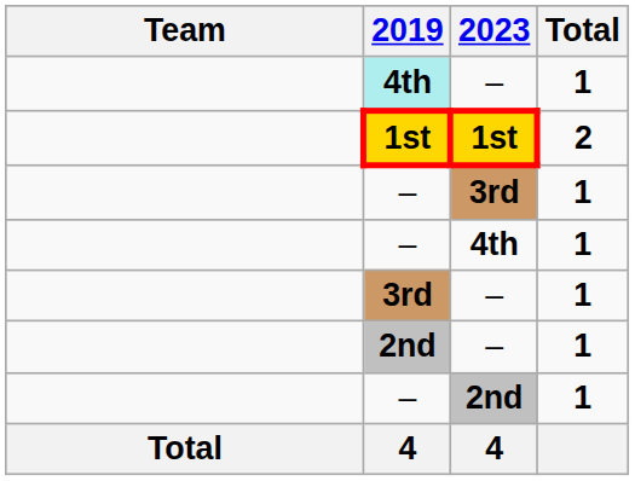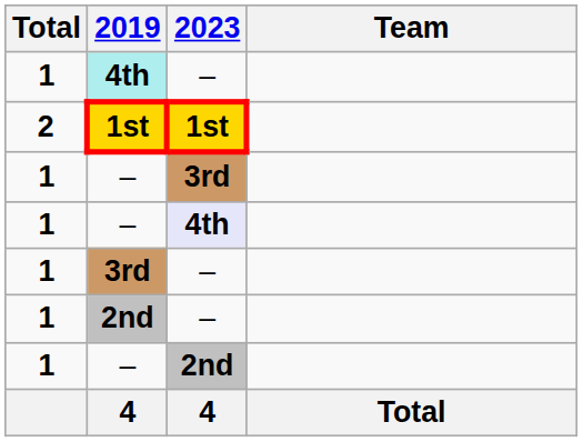 <table class="wikitable" style="text-align:center">
 <tr>
-<th width=170>Team</th>
+<th>Total</th>
 <th><a href='#'>2019</a></th>
 <th><a href='#'>2023</a></th>
+<th width=170>Team</th>
+</tr>
+<tr>
+<td><strong>1</strong></td>
+<td style="background: paleturquoise;"><strong>4th</strong></td>
+<td>–</td>
+<td align=left></td>
+</tr>
+<tr>
+<td><strong>2</strong></td>
+<td style="border: 3px solid red" bgcolor=gold><strong>1st</strong></td>
+<td style="border: 3px solid red" bgcolor=gold><strong>1st</strong></td>
+<td align=left></td>
+</tr>
+<tr>
+<td><strong>1</strong></td>
+<td>–</td>
+<td bgcolor=cc9966><strong>3rd</strong></td>
+<td align=left></td>
+</tr>
+<tr>
+<td><strong>1</strong></td>
+<td>–</td>
+<td style="background: lavender;"><strong>4th</strong></td>
+<td align=left></td>
+</tr>
+<tr>
+<td><strong>1</strong></td>
+<td bgcolor=cc9966><strong>3rd</strong></td>
+<td>–</td>
+<td align=left></td>
+</tr>
+<tr>
+<td><strong>1</strong></td>
+<td bgcolor=silver><strong>2nd</strong></td>
+<td>–</td>
+<td align=left></td>
+</tr>
+<tr>
+<td><strong>1</strong></td>
+<td>–</td>
+<td bgcolor=silver><strong>2nd</strong></td>
+<td align=left></td>
+</tr>
+<tr>
+<th></th>
+<th>4</th>
+<th>4</th>
 <th>Total</th>
 </tr>
-<tr>
-<td align=left></td>
-<td style="background: paleturquoise;"><strong>4th</strong></td>
-<td>–</td>
-<td><strong>1</strong></td>
-</tr>
-<tr>
-<td align=left></td>
-<td style="border: 3px solid red" bgcolor=gold><strong>1st</strong></td>
-<td style="border: 3px solid red" bgcolor=gold><strong>1st</strong></td>
-<td><strong>2</strong></td>
-</tr>
-<tr>
-<td align=left></td>
-<td>–</td>
-<td bgcolor=cc9966><strong>3rd</strong></td>
-<td><strong>1</strong></td>
-</tr>
-<tr>
-<td align=left></td>
-<td>–</td>
-<td><strong>4th</strong></td>
-<td><strong>1</strong></td>
-</tr>
-<tr>
-<td align=left></td>
-<td bgcolor=cc9966><strong>3rd</strong></td>
-<td>–</td>
-<td><strong>1</strong></td>
-</tr>
-<tr>
-<td align=left></td>
-<td bgcolor=silver><strong>2nd</strong></td>
-<td>–</td>
-<td><strong>1</strong></td>
-</tr>
-<tr>
-<td align=left></td>
-<td>–</td>
-<td bgcolor=silver><strong>2nd</strong></td>
-<td><strong>1</strong></td>
-</tr>
-<tr>
-<th>Total</th>
-<th>4</th>
-<th>4</th>
-<th></th>
-</tr>
 </table>
